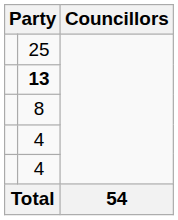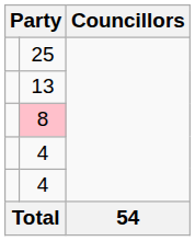 <table class="wikitable">
 <tr>
 <th colspan=2>Party</th>
 <th>Councillors</th>
 </tr>
 <tr>
 <td></td>
 <td align=center>25</td>
 </tr>
 <tr>
 <td></td>
-<td align=center><strong>13</strong></td>
+<td align=center>13</td>
 </tr>
 <tr>
 <td></td>
-<td align=center>8</td>
+<td align=center style="background: pink;">8</td>
 </tr>
 <tr>
 <td></td>
 <td align=center>4</td>
 </tr>
 <tr>
 <td></td>
 <td align=center>4</td>
 </tr>
 <tr>
 <th colspan=2>Total</th>
 <th align=center>54</th>
 </tr>
 </table>
